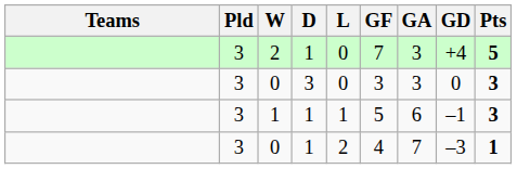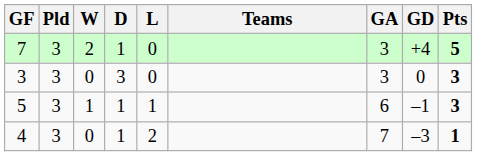 <table class="wikitable" style="text-align: center;">
 <tr>
-<th width=165>Teams</th>
+<th width=20>GF</th>
 <th width=20>Pld</th>
 <th width=20>W</th>
 <th width=20>D</th>
 <th width=20>L</th>
-<th width=20>GF</th>
+<th width=165>Teams</th>
 <th width=20>GA</th>
 <th width=20>GD</th>
 <th width=20>Pts</th>
 </tr>
 <tr align=center style="background:#ccffcc;">
-<td style="text-align:left;"></td>
+<td>7</td>
 <td>3</td>
 <td>2</td>
 <td>1</td>
 <td>0</td>
-<td>7</td>
+<td style="text-align:left;"></td>
 <td>3</td>
 <td>+4</td>
 <td><strong>5</strong></td>
 </tr>
 <tr align=center>
-<td style="text-align:left;"></td>
+<td>3</td>
 <td>3</td>
 <td>0</td>
 <td>3</td>
 <td>0</td>
-<td>3</td>
+<td style="text-align:left;"></td>
 <td>3</td>
 <td>0</td>
 <td><strong>3</strong></td>
 </tr>
 <tr align=center>
-<td style="text-align:left;"></td>
+<td>5</td>
 <td>3</td>
 <td>1</td>
 <td>1</td>
 <td>1</td>
-<td>5</td>
+<td style="text-align:left;"></td>
 <td>6</td>
 <td>–1</td>
 <td><strong>3</strong></td>
 </tr>
 <tr align=center>
-<td style="text-align:left;"></td>
+<td>4</td>
 <td>3</td>
 <td>0</td>
 <td>1</td>
 <td>2</td>
-<td>4</td>
+<td style="text-align:left;"></td>
 <td>7</td>
 <td>–3</td>
 <td><strong>1</strong></td>
 </tr>
 </table>
